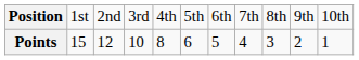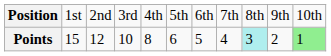 <table class="wikitable" style="font-size: 100%;">
 <tr>
 <th>Position</th>
 <td width="20">1st</td>
 <td width="20">2nd</td>
 <td width="20">3rd</td>
 <td width="20">4th</td>
 <td width="20">5th</td>
 <td width="20">6th</td>
 <td width="20">7th</td>
 <td width="20">8th</td>
 <td width="20">9th</td>
 <td width="20">10th</td>
 </tr>
 <tr>
 <th>Points</th>
 <td>15</td>
 <td>12</td>
 <td>10</td>
 <td>8</td>
 <td>6</td>
 <td>5</td>
 <td>4</td>
-<td>3</td>
+<td style="background: paleturquoise;">3</td>
 <td>2</td>
-<td>1</td>
+<td style="background: lightgreen;">1</td>
 </tr>
 </table>
